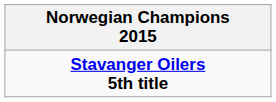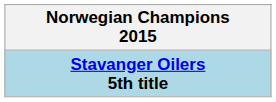 <table class="wikitable" style="text-align: center; margin: 0 auto; width: 20%">
 <tr>
 <th>Norwegian Champions<br>2015</th>
 </tr>
 <tr>
-<td><strong><a href='#'>Stavanger Oilers</a></strong><br><strong>5th title</strong></td>
+<td style="background: lightblue;"><strong><a href='#'>Stavanger Oilers</a></strong><br><strong>5th title</strong></td>
 </tr>
 </table>
